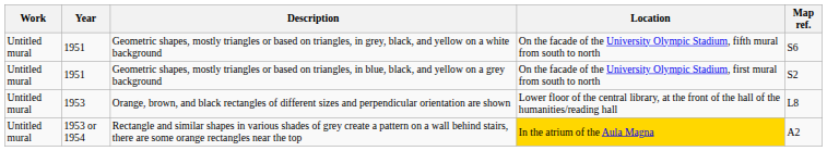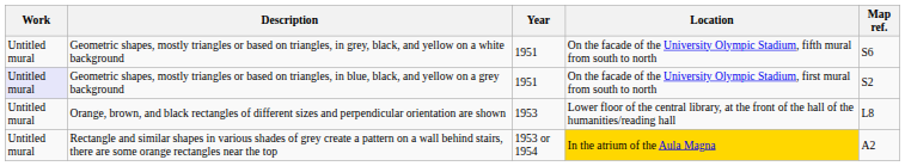 <table class="wikitable mw-collapsible">
 <tr>
 <th>Work</th>
+<th>Description</th>
 <th>Year</th>
-<th>Description</th>
 <th>Location</th>
 <th>Map ref.</th>
 </tr>
 <tr>
 <td>Untitled mural</td>
+<td>Geometric shapes, mostly triangles or based on triangles, in grey, black, and yellow on a white background</td>
 <td>1951</td>
-<td>Geometric shapes, mostly triangles or based on triangles, in grey, black, and yellow on a white background</td>
 <td>On the facade of the <a href='#'>University Olympic Stadium</a>, fifth mural from south to north</td>
 <td>S6</td>
 </tr>
 <tr>
-<td>Untitled mural</td>
+<td style="background: lavender;">Untitled mural</td>
+<td>Geometric shapes, mostly triangles or based on triangles, in blue, black, and yellow on a grey background</td>
 <td>1951</td>
-<td>Geometric shapes, mostly triangles or based on triangles, in blue, black, and yellow on a grey background</td>
 <td>On the facade of the <a href='#'>University Olympic Stadium</a>, first mural from south to north</td>
 <td>S2</td>
 </tr>
 <tr>
 <td>Untitled mural</td>
+<td>Orange, brown, and black rectangles of different sizes and perpendicular orientation are shown</td>
 <td>1953</td>
-<td>Orange, brown, and black rectangles of different sizes and perpendicular orientation are shown</td>
 <td>Lower floor of the central library, at the front of the hall of the humanities/reading hall</td>
 <td>L8</td>
 </tr>
 <tr>
 <td>Untitled mural</td>
+<td>Rectangle and similar shapes in various shades of grey create a pattern on a wall behind stairs, there are some orange rectangles near the top</td>
 <td>1953 or 1954</td>
-<td>Rectangle and similar shapes in various shades of grey create a pattern on a wall behind stairs, there are some orange rectangles near the top</td>
 <td style="background: gold;">In the atrium of the <a href='#'>Aula Magna</a></td>
 <td>A2</td>
 </tr>
 </table>
